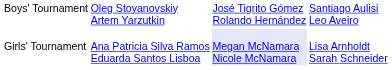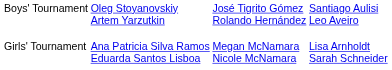 <table>
 <tr>
 <td>Boys' Tournament<br></td>
 <td><br><a href='#'>Oleg Stoyanovskiy</a><br><a href='#'>Artem Yarzutkin</a></td>
 <td><br><a href='#'>José Tigrito Gómez</a><br><a href='#'>Rolando Hernández</a></td>
 <td><br><a href='#'>Santiago Aulisi</a><br><a href='#'>Leo Aveiro</a></td>
 </tr>
 <tr>
 <td>Girls' Tournament<br></td>
 <td><br><a href='#'>Ana Patricia Silva Ramos</a><br><a href='#'>Eduarda Santos Lisboa</a></td>
-<td style="background: lavender;"><br><a href='#'>Megan McNamara</a><br><a href='#'>Nicole McNamara</a></td>
+<td><br><a href='#'>Megan McNamara</a><br><a href='#'>Nicole McNamara</a></td>
 <td><br><a href='#'>Lisa Arnholdt</a><br><a href='#'>Sarah Schneider</a></td>
 </tr>
 </table>
